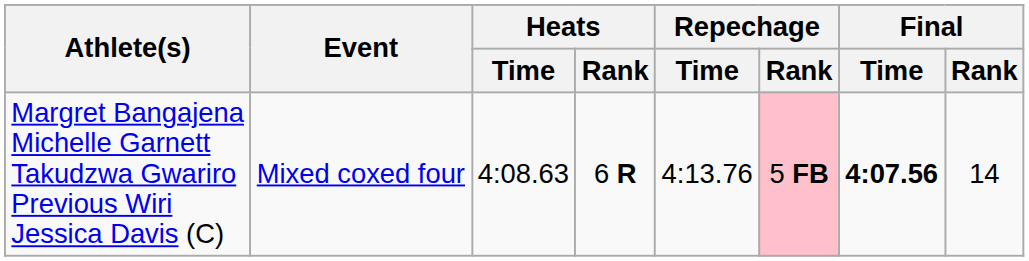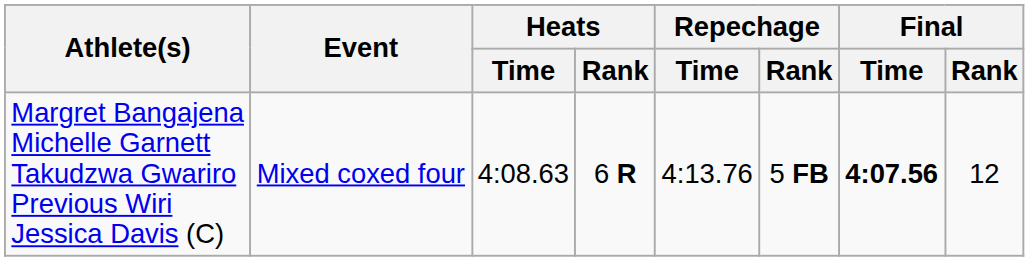 <table class="wikitable" style="font-size:90%">
 <tr>
 <th rowspan="2">Athlete(s)</th>
 <th rowspan="2">Event</th>
 <th colspan="2">Heats</th>
 <th colspan="2">Repechage</th>
 <th colspan="2">Final</th>
 </tr>
 <tr>
 <th>Time</th>
 <th>Rank</th>
 <th>Time</th>
 <th>Rank</th>
 <th>Time</th>
 <th>Rank</th>
 </tr>
 <tr align=center>
 <td align=left><a href='#'>Margret Bangajena</a><br><a href='#'>Michelle Garnett</a><br><a href='#'>Takudzwa Gwariro</a><br><a href='#'>Previous Wiri</a><br><a href='#'>Jessica Davis</a> (C)</td>
 <td align=left><a href='#'>Mixed coxed four</a></td>
 <td>4:08.63</td>
 <td>6 <strong>R</strong></td>
 <td>4:13.76</td>
-<td style="background: pink;">5 <strong>FB</strong></td>
+<td>5 <strong>FB</strong></td>
 <td><strong>4:07.56</strong></td>
-<td>14</td>
+<td>12</td>
 </tr>
 </table>
